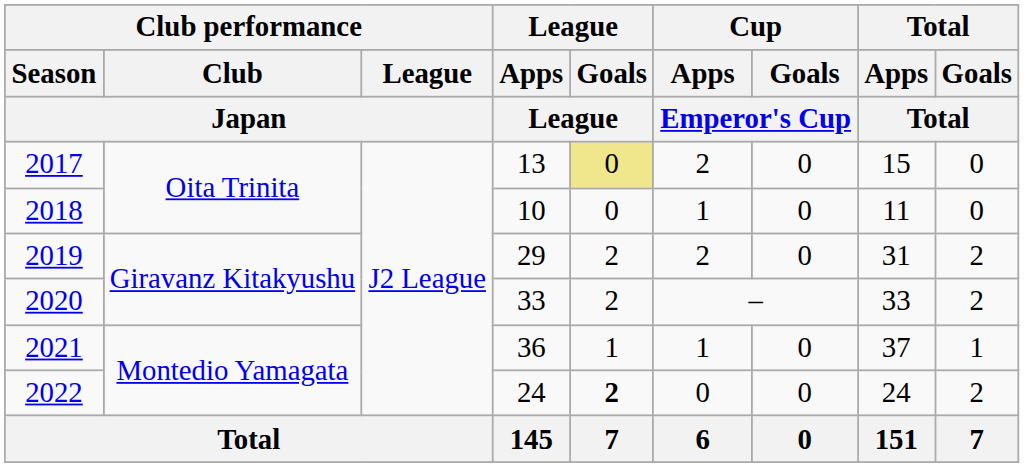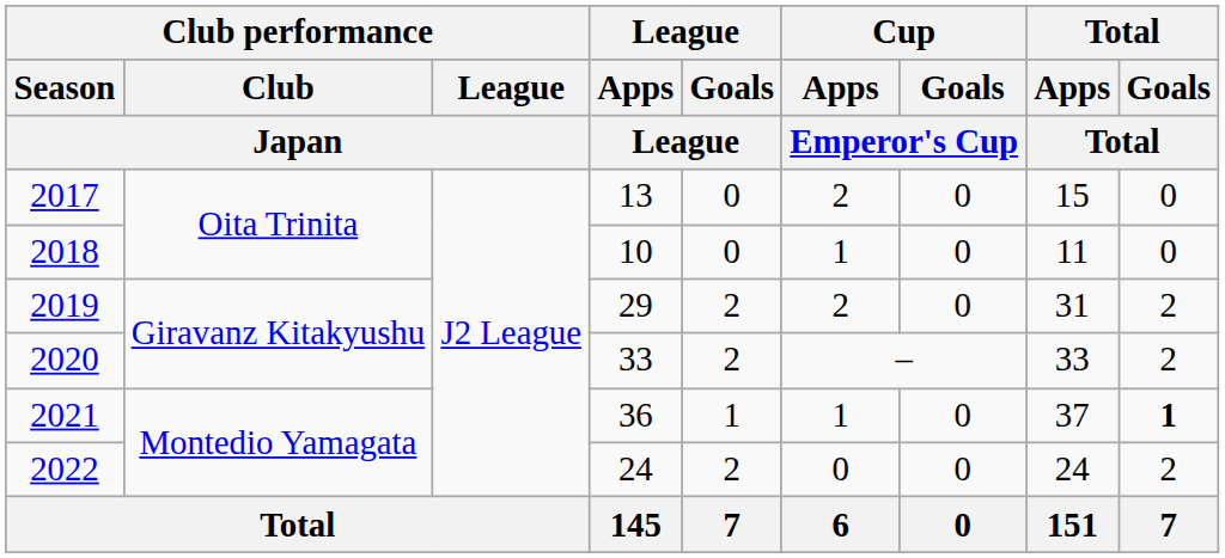 <table class="wikitable" style="text-align:center;">
 <tr>
 <th colspan=3>Club performance</th>
 <th colspan=2>League</th>
 <th colspan=2>Cup</th>
 <th colspan=2>Total</th>
 </tr>
 <tr>
 <th>Season</th>
 <th>Club</th>
 <th>League</th>
 <th>Apps</th>
 <th>Goals</th>
 <th>Apps</th>
 <th>Goals</th>
 <th>Apps</th>
 <th>Goals</th>
 </tr>
 <tr>
 <th colspan=3>Japan</th>
 <th colspan=2>League</th>
 <th colspan=2><a href='#'>Emperor's Cup</a></th>
 <th colspan=2>Total</th>
 </tr>
 <tr>
 <td><a href='#'>2017</a></td>
 <td rowspan="2"><a href='#'>Oita Trinita</a></td>
 <td rowspan="6"><a href='#'>J2 League</a></td>
 <td>13</td>
-<td style="background: khaki;">0</td>
+<td>0</td>
 <td>2</td>
 <td>0</td>
 <td>15</td>
 <td>0</td>
 </tr>
 <tr>
 <td><a href='#'>2018</a></td>
 <td>10</td>
 <td>0</td>
 <td>1</td>
 <td>0</td>
 <td>11</td>
 <td>0</td>
 </tr>
 <tr>
 <td><a href='#'>2019</a></td>
 <td rowspan="2"><a href='#'>Giravanz Kitakyushu</a></td>
 <td>29</td>
 <td>2</td>
 <td>2</td>
 <td>0</td>
 <td>31</td>
 <td>2</td>
 </tr>
 <tr>
 <td><a href='#'>2020</a></td>
 <td>33</td>
 <td>2</td>
 <td colspan="2">–</td>
 <td>33</td>
 <td>2</td>
 </tr>
 <tr>
 <td><a href='#'>2021</a></td>
 <td rowspan="2"><a href='#'>Montedio Yamagata</a></td>
 <td>36</td>
 <td>1</td>
 <td>1</td>
 <td>0</td>
 <td>37</td>
-<td>1</td>
+<td><strong>1</strong></td>
 </tr>
 <tr>
 <td><a href='#'>2022</a></td>
 <td>24</td>
-<td><strong>2</strong></td>
+<td>2</td>
 <td>0</td>
 <td>0</td>
 <td>24</td>
 <td>2</td>
 </tr>
 <tr>
 <th colspan="3">Total</th>
 <th>145</th>
 <th>7</th>
 <th>6</th>
 <th>0</th>
 <th>151</th>
 <th>7</th>
 </tr>
 </table>
